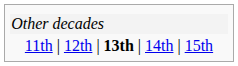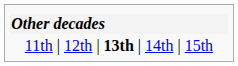 <table class="infobox" width=230>
 <tr>
 <td></td>
 </tr>
 <tr style="background-color:#f3f3f3">
-<td><em>Other decades</em></td>
+<td><strong><em>Other decades</em></strong></td>
 </tr>
 <tr>
 <td align="center"><a href='#'>11th</a> | <a href='#'>12th</a> | <strong>13th</strong> | <a href='#'>14th</a> | <a href='#'>15th</a></td>
 </tr>
 </table>
